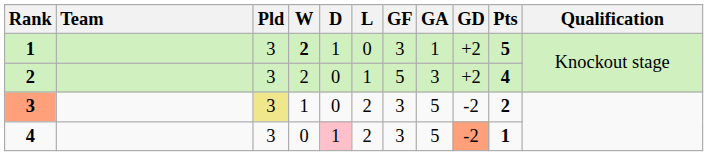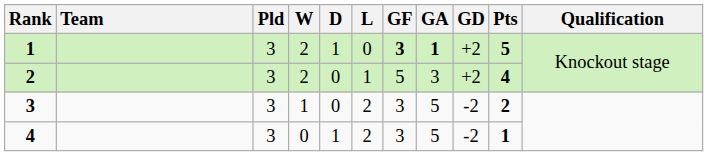 <table class="wikitable" style="text-align: center;">
 <tr>
 <th width=30>Rank</th>
 <th width=165 style="text-align:left;">Team</th>
 <th width=20>Pld</th>
 <th width=20>W</th>
 <th width=20>D</th>
 <th width=20>L</th>
 <th width=20>GF</th>
 <th width=20>GA</th>
 <th width=20>GD</th>
 <th width=20>Pts</th>
 <th width=150>Qualification</th>
 </tr>
 <tr bgcolor= #D0F0C0>
 <td><strong>1</strong></td>
 <td style="text-align:left;"></td>
 <td>3</td>
-<td><strong>2</strong></td>
+<td>2</td>
 <td>1</td>
 <td>0</td>
-<td>3</td>
-<td>1</td>
+<td><strong>3</strong></td>
+<td><strong>1</strong></td>
 <td>+2</td>
 <td><strong>5</strong></td>
 <td rowspan=2>Knockout stage</td>
 </tr>
 <tr bgcolor= #D0F0C0>
 <td><strong>2</strong></td>
 <td style="text-align:left;"></td>
 <td>3</td>
 <td>2</td>
 <td>0</td>
 <td>1</td>
 <td>5</td>
 <td>3</td>
 <td>+2</td>
 <td><strong>4</strong></td>
 </tr>
 <tr>
-<td style="background: lightsalmon;"><strong>3</strong></td>
+<td><strong>3</strong></td>
 <td style="text-align:left;"></td>
-<td style="background: khaki;">3</td>
+<td>3</td>
 <td>1</td>
 <td>0</td>
 <td>2</td>
 <td>3</td>
 <td>5</td>
 <td>-2</td>
 <td><strong>2</strong></td>
 </tr>
 <tr>
 <td><strong>4</strong></td>
 <td style="text-align:left;"></td>
 <td>3</td>
 <td>0</td>
-<td style="background: pink;">1</td>
+<td>1</td>
 <td>2</td>
 <td>3</td>
 <td>5</td>
-<td style="background: lightsalmon;">-2</td>
+<td>-2</td>
 <td><strong>1</strong></td>
 </tr>
 </table>
